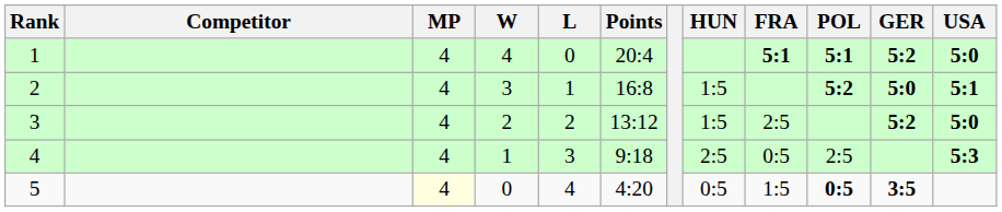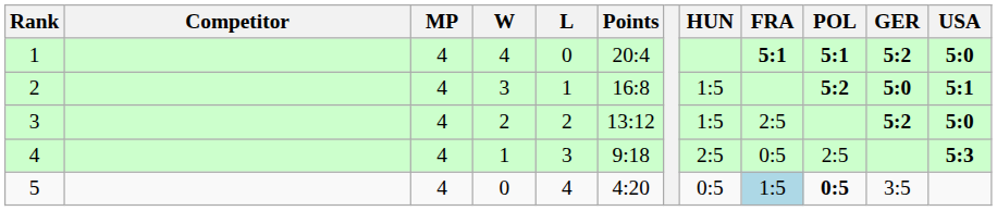 <table class="wikitable" style="text-align:center">
 <tr>
 <th>Rank</th>
 <th style="width:16em">Competitor</th>
 <th style="width:2.5em">MP</th>
 <th style="width:2.5em">W</th>
 <th style="width:2.5em">L</th>
 <th>Points</th>
 <th rowspan="6"> </th>
 <th style="width:2.5em">HUN</th>
 <th style="width:2.5em">FRA</th>
 <th style="width:2.5em">POL</th>
 <th style="width:2.5em">GER</th>
 <th style="width:2.5em">USA</th>
 </tr>
 <tr style="background:#cfc;">
 <td>1</td>
 <td style="text-align:left"></td>
 <td>4</td>
 <td>4</td>
 <td>0</td>
 <td>20:4</td>
 <td></td>
 <td><strong>5:1</strong></td>
 <td><strong>5:1</strong></td>
 <td><strong>5:2</strong></td>
 <td><strong>5:0</strong></td>
 </tr>
 <tr style="background:#cfc;">
 <td>2</td>
 <td style="text-align:left"></td>
 <td>4</td>
 <td>3</td>
 <td>1</td>
 <td>16:8</td>
 <td>1:5</td>
 <td></td>
 <td><strong>5:2</strong></td>
 <td><strong>5:0</strong></td>
 <td><strong>5:1</strong></td>
 </tr>
 <tr style="background:#cfc;">
 <td>3</td>
 <td style="text-align:left"></td>
 <td>4</td>
 <td>2</td>
 <td>2</td>
 <td>13:12</td>
 <td>1:5</td>
 <td>2:5</td>
 <td></td>
 <td><strong>5:2</strong></td>
 <td><strong>5:0</strong></td>
 </tr>
 <tr style="background:#cfc;">
 <td>4</td>
 <td style="text-align:left"></td>
 <td>4</td>
 <td>1</td>
 <td>3</td>
 <td>9:18</td>
 <td>2:5</td>
 <td>0:5</td>
 <td>2:5</td>
 <td></td>
 <td><strong>5:3</strong></td>
 </tr>
 <tr>
 <td>5</td>
 <td style="text-align:left"></td>
-<td style="background: lightyellow;">4</td>
+<td>4</td>
 <td>0</td>
 <td>4</td>
 <td>4:20</td>
 <td>0:5</td>
-<td>1:5</td>
+<td style="background: lightblue;">1:5</td>
 <td><strong>0:5</strong></td>
-<td><strong>3:5</strong></td>
+<td>3:5</td>
 <td></td>
 </tr>
 </table>
